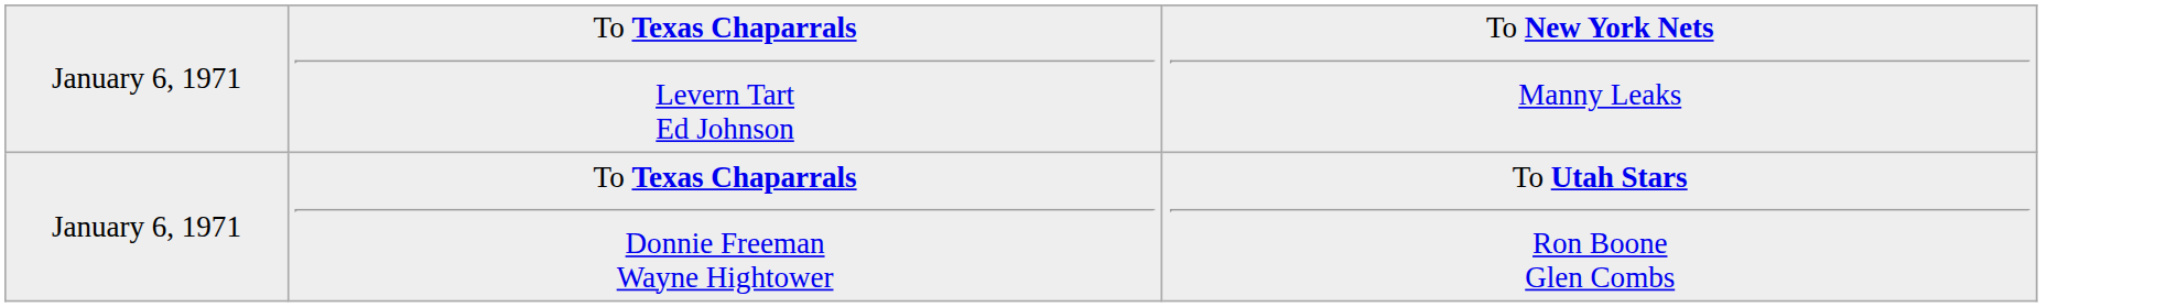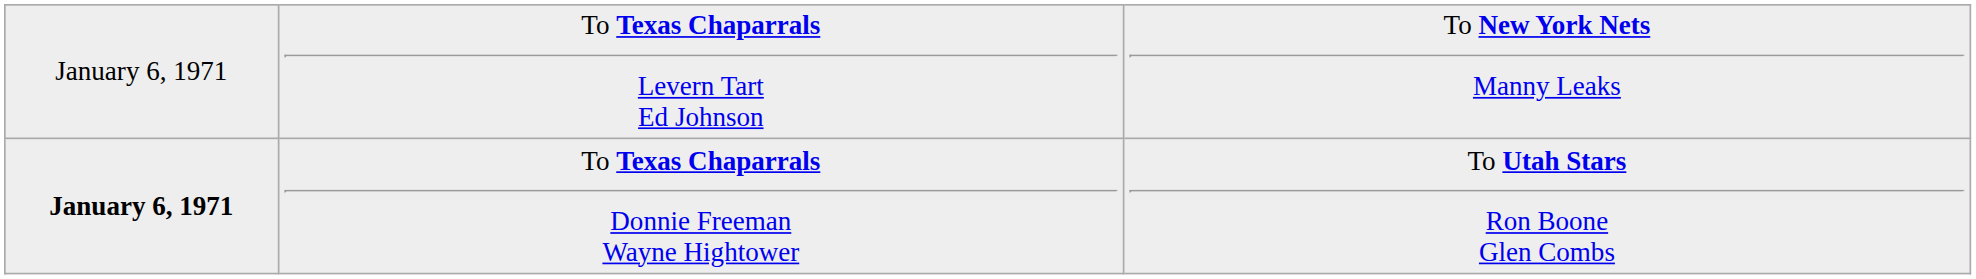 <table class="wikitable sortable sortable" style="text-align: center">
 <tr style="background:#eee;">
 <td style="width:10%">January 6, 1971</td>
 <td style="width:31%; vertical-align:top;">To <strong><a href='#'>Texas Chaparrals</a></strong><hr><a href='#'>Levern Tart</a><br><a href='#'>Ed Johnson</a></td>
 <td style="width:31%; vertical-align:top;">To <strong><a href='#'>New York Nets</a></strong><hr><a href='#'>Manny Leaks</a></td>
 </tr>
 <tr style="background:#eee;">
-<td style="width:10%">January 6, 1971</td>
+<td style="width:10%"><strong>January 6, 1971</strong></td>
 <td style="width:31%; vertical-align:top;">To <strong><a href='#'>Texas Chaparrals</a></strong><hr><a href='#'>Donnie Freeman</a><br><a href='#'>Wayne Hightower</a></td>
 <td style="width:31%; vertical-align:top;">To <strong><a href='#'>Utah Stars</a></strong><hr><a href='#'>Ron Boone</a><br><a href='#'>Glen Combs</a></td>
 </tr>
 </table>
